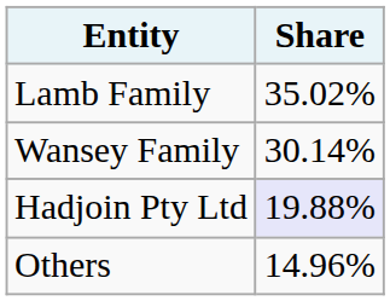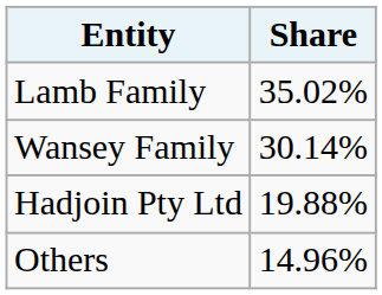 <table class="wikitable sortable" style="float:right; margin-left:1em;">
 <tr>
 <th style="background:#e8f4f8;">Entity</th>
 <th style="background:#e8f4f8;">Share</th>
 </tr>
 <tr>
 <td>Lamb Family</td>
 <td>35.02%</td>
 </tr>
 <tr>
 <td>Wansey Family</td>
 <td>30.14%</td>
 </tr>
 <tr>
 <td>Hadjoin Pty Ltd</td>
-<td style="background: lavender;">19.88%</td>
+<td>19.88%</td>
 </tr>
 <tr>
 <td>Others</td>
 <td>14.96%</td>
 </tr>
 </table>
